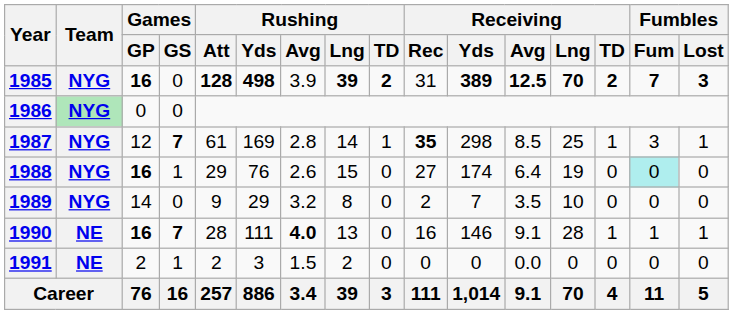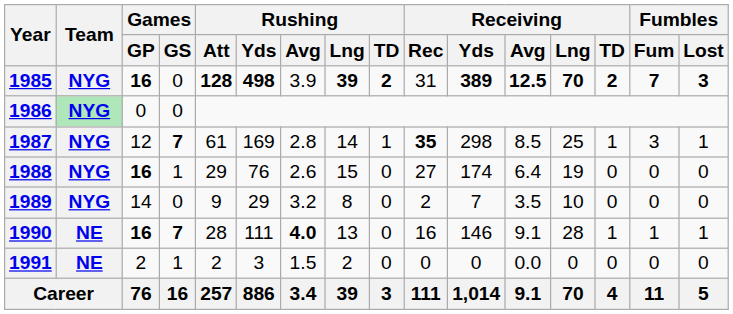 <table class="wikitable" style="text-align:center;">
 <tr>
 <th rowspan="2">Year</th>
 <th rowspan="2">Team</th>
 <th colspan="2">Games</th>
 <th colspan="5">Rushing</th>
 <th colspan="5">Receiving</th>
 <th colspan="2">Fumbles</th>
 </tr>
 <tr>
 <th>GP</th>
 <th>GS</th>
 <th>Att</th>
 <th>Yds</th>
 <th>Avg</th>
 <th>Lng</th>
 <th>TD</th>
 <th>Rec</th>
 <th>Yds</th>
 <th>Avg</th>
 <th>Lng</th>
 <th>TD</th>
 <th>Fum</th>
 <th>Lost</th>
 </tr>
 <tr>
 <th><a href='#'>1985</a></th>
 <th><a href='#'>NYG</a></th>
 <td><strong>16</strong></td>
 <td>0</td>
 <td><strong>128</strong></td>
 <td><strong>498</strong></td>
 <td>3.9</td>
 <td><strong>39</strong></td>
 <td><strong>2</strong></td>
 <td>31</td>
 <td><strong>389</strong></td>
 <td><strong>12.5</strong></td>
 <td><strong>70</strong></td>
 <td><strong>2</strong></td>
 <td><strong>7</strong></td>
 <td><strong>3</strong></td>
 </tr>
 <tr>
 <th><a href='#'>1986</a></th>
 <th style="background:#afe6ba; width:3em;"><a href='#'>NYG</a></th>
 <td>0</td>
 <td>0</td>
 <td colspan="12"></td>
 </tr>
 <tr>
 <th><a href='#'>1987</a></th>
 <th><a href='#'>NYG</a></th>
 <td>12</td>
 <td><strong>7</strong></td>
 <td>61</td>
 <td>169</td>
 <td>2.8</td>
 <td>14</td>
 <td>1</td>
 <td><strong>35</strong></td>
 <td>298</td>
 <td>8.5</td>
 <td>25</td>
 <td>1</td>
 <td>3</td>
 <td>1</td>
 </tr>
 <tr>
 <th><a href='#'>1988</a></th>
 <th><a href='#'>NYG</a></th>
 <td><strong>16</strong></td>
 <td>1</td>
 <td>29</td>
 <td>76</td>
 <td>2.6</td>
 <td>15</td>
 <td>0</td>
 <td>27</td>
 <td>174</td>
 <td>6.4</td>
 <td>19</td>
 <td>0</td>
-<td style="background: paleturquoise;">0</td>
+<td>0</td>
 <td>0</td>
 </tr>
 <tr>
 <th><a href='#'>1989</a></th>
 <th><a href='#'>NYG</a></th>
 <td>14</td>
 <td>0</td>
 <td>9</td>
 <td>29</td>
 <td>3.2</td>
 <td>8</td>
 <td>0</td>
 <td>2</td>
 <td>7</td>
 <td>3.5</td>
 <td>10</td>
 <td>0</td>
 <td>0</td>
 <td>0</td>
 </tr>
 <tr>
 <th><a href='#'>1990</a></th>
 <th><a href='#'>NE</a></th>
 <td><strong>16</strong></td>
 <td><strong>7</strong></td>
 <td>28</td>
 <td>111</td>
 <td><strong>4.0</strong></td>
 <td>13</td>
 <td>0</td>
 <td>16</td>
 <td>146</td>
 <td>9.1</td>
 <td>28</td>
 <td>1</td>
 <td>1</td>
 <td>1</td>
 </tr>
 <tr>
 <th><a href='#'>1991</a></th>
 <th><a href='#'>NE</a></th>
 <td>2</td>
 <td>1</td>
 <td>2</td>
 <td>3</td>
 <td>1.5</td>
 <td>2</td>
 <td>0</td>
 <td>0</td>
 <td>0</td>
 <td>0.0</td>
 <td>0</td>
 <td>0</td>
 <td>0</td>
 <td>0</td>
 </tr>
 <tr>
 <th colspan="2">Career</th>
 <th>76</th>
 <th>16</th>
 <th>257</th>
 <th>886</th>
 <th>3.4</th>
 <th>39</th>
 <th>3</th>
 <th>111</th>
 <th>1,014</th>
 <th>9.1</th>
 <th>70</th>
 <th>4</th>
 <th>11</th>
 <th>5</th>
 </tr>
 </table>
